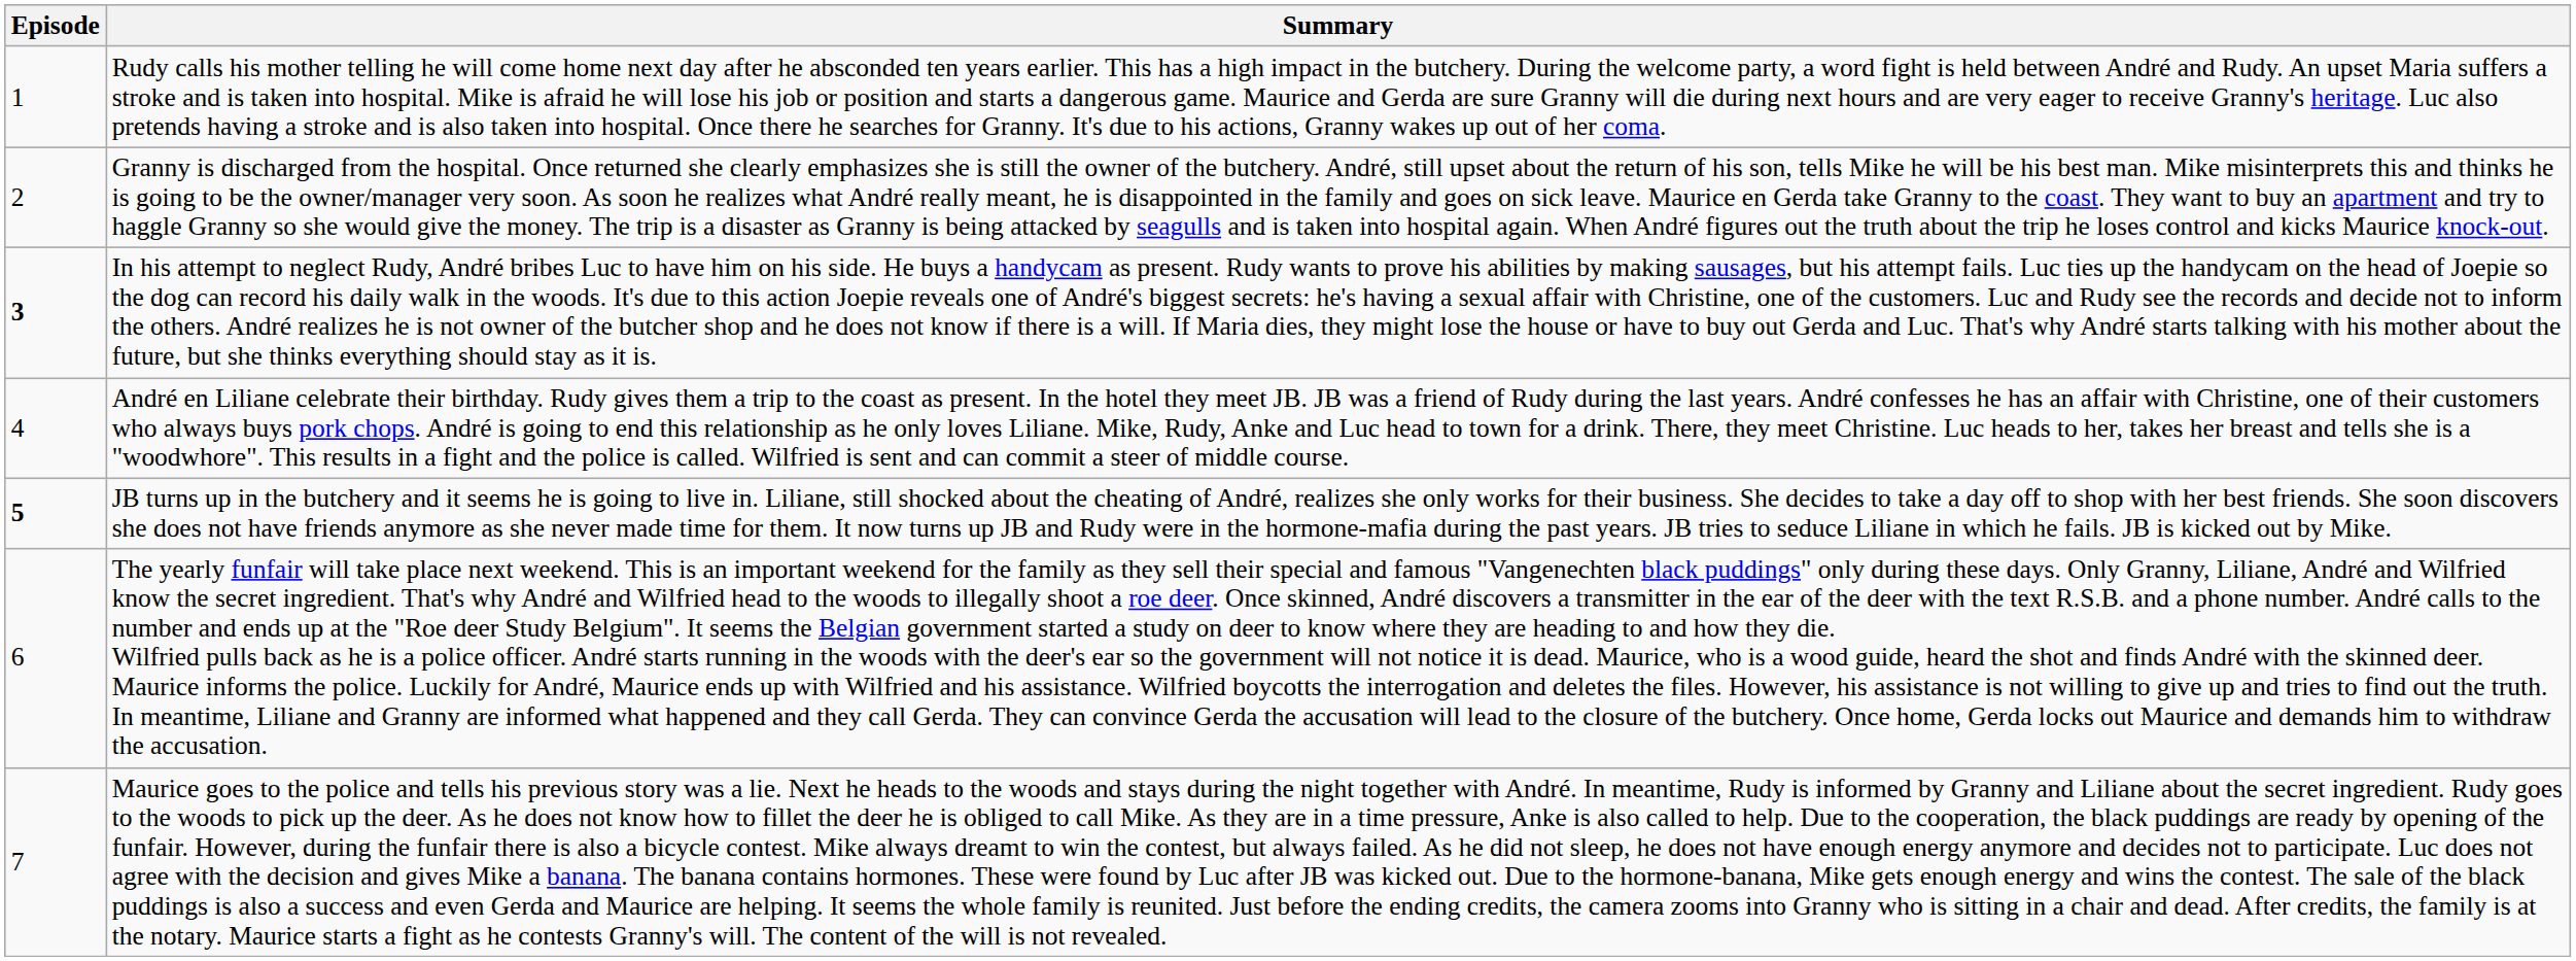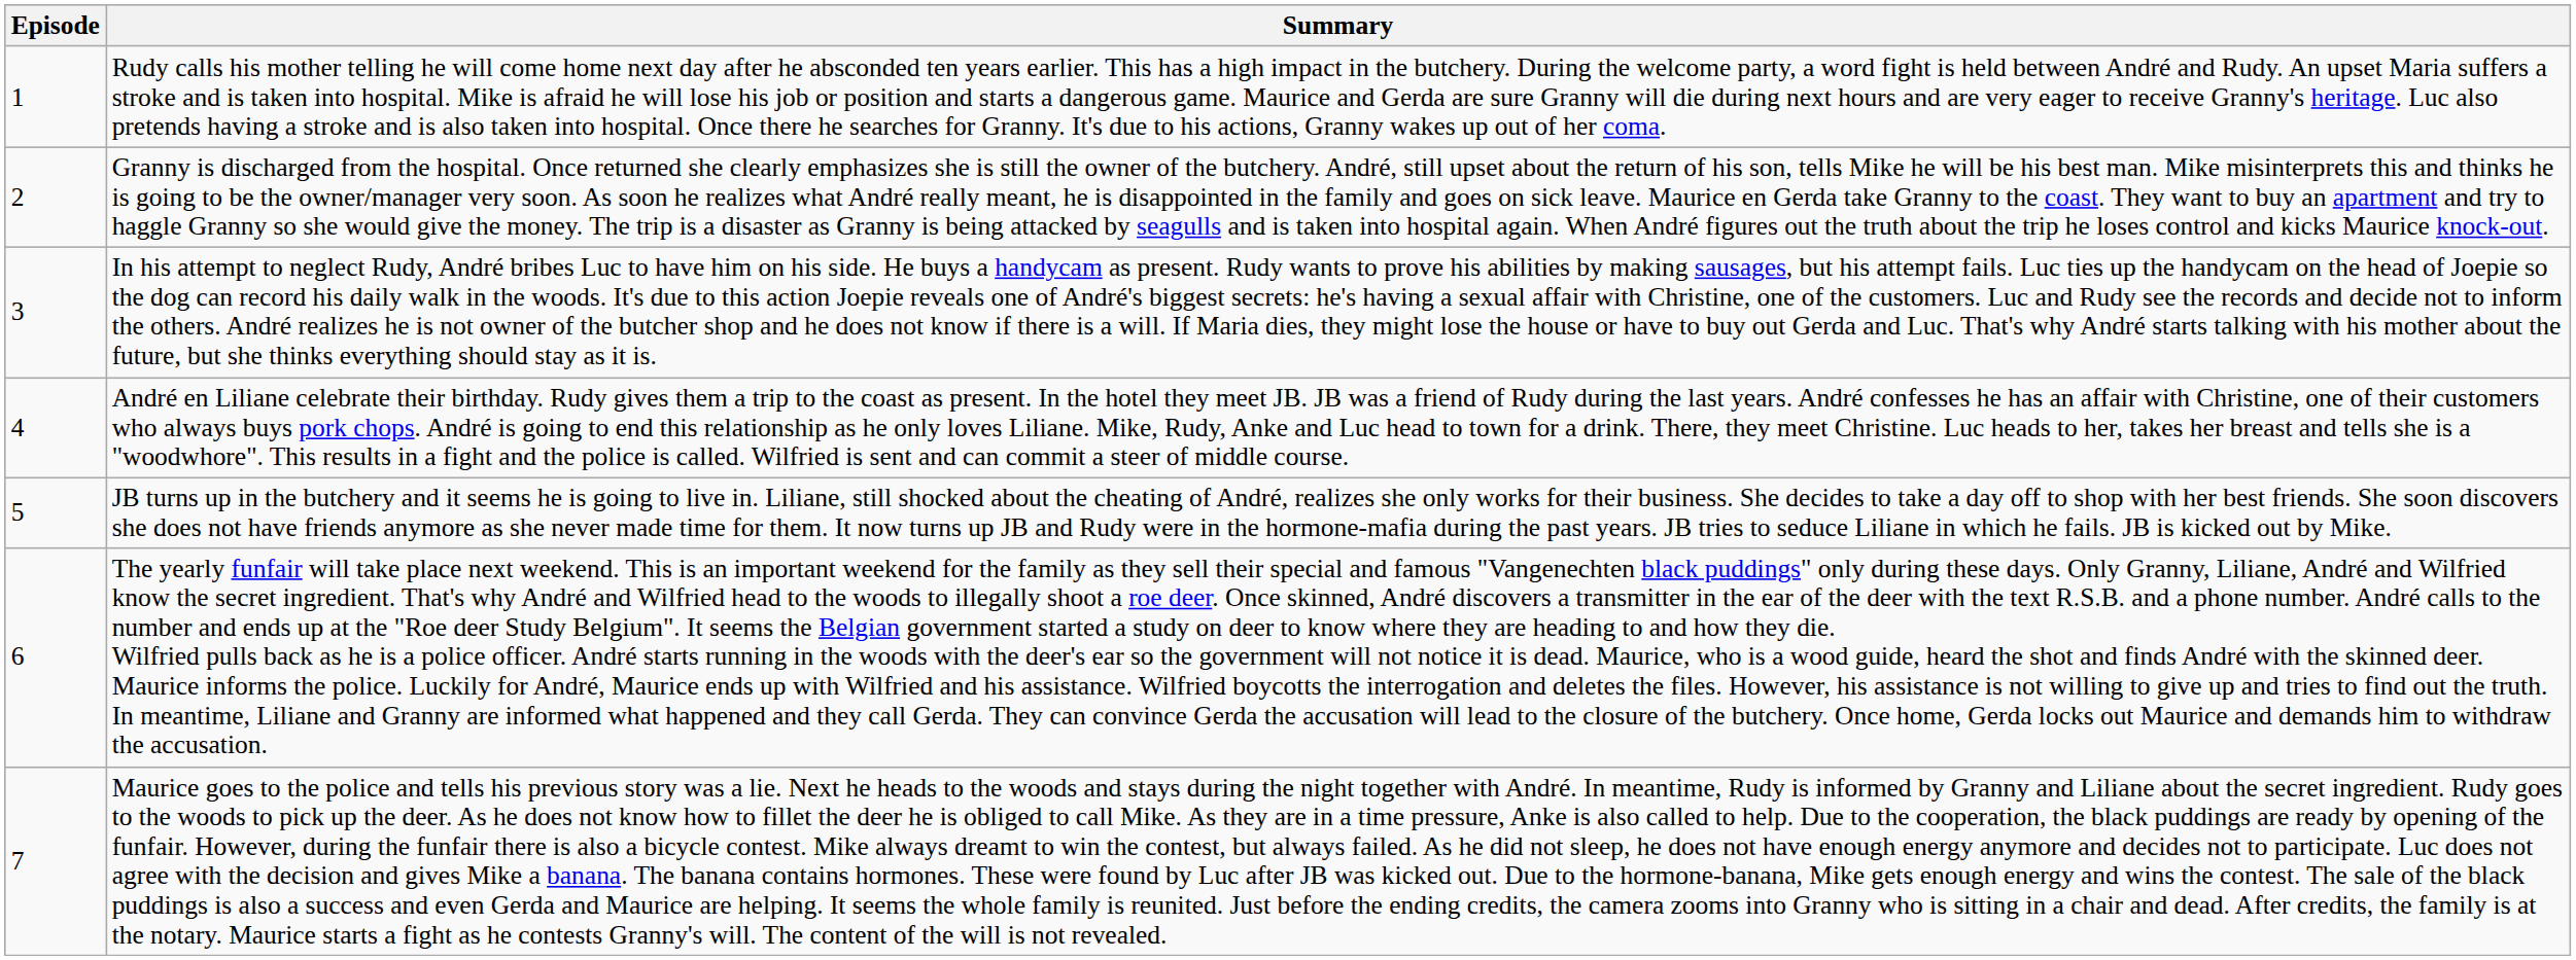 <table class="wikitable" style="text-align:left">
 <tr>
 <th>Episode</th>
 <th>Summary</th>
 </tr>
 <tr>
 <td>1</td>
 <td>Rudy calls his mother telling he will come home next day after he absconded ten years earlier. This has a high impact in the butchery. During the welcome party, a word fight is held between André and Rudy. An upset Maria suffers a stroke and is taken into hospital. Mike is afraid he will lose his job or position and starts a dangerous game. Maurice and Gerda are sure Granny will die during next hours and are very eager to receive Granny's <a href='#'>heritage</a>. Luc also pretends having a stroke and is also taken into hospital. Once there he searches for Granny. It's due to his actions, Granny wakes up out of her <a href='#'>coma</a>.</td>
 </tr>
 <tr>
 <td>2</td>
 <td>Granny is discharged from the hospital. Once returned she clearly emphasizes she is still the owner of the butchery. André, still upset about the return of his son, tells Mike he will be his best man. Mike misinterprets this and thinks he is going to be the owner/manager very soon. As soon he realizes what André really meant, he is disappointed in the family and goes on sick leave. Maurice en Gerda take Granny to the <a href='#'>coast</a>. They want to buy an <a href='#'>apartment</a> and try to haggle Granny so she would give the money. The trip is a disaster as Granny is being attacked by <a href='#'>seagulls</a> and is taken into hospital again. When André figures out the truth about the trip he loses control and kicks Maurice <a href='#'>knock-out</a>.</td>
 </tr>
 <tr>
-<td><strong>3</strong></td>
+<td>3</td>
 <td>In his attempt to neglect Rudy, André bribes Luc to have him on his side. He buys a <a href='#'>handycam</a> as present. Rudy wants to prove his abilities by making <a href='#'>sausages</a>, but his attempt fails. Luc ties up the handycam on the head of Joepie so the dog can record his daily walk in the woods. It's due to this action Joepie reveals one of André's biggest secrets: he's having a sexual affair with Christine, one of the customers. Luc and Rudy see the records and decide not to inform the others. André realizes he is not owner of the butcher shop and he does not know if there is a will. If Maria dies, they might lose the house or have to buy out Gerda and Luc. That's why André starts talking with his mother about the future, but she thinks everything should stay as it is.</td>
 </tr>
 <tr>
 <td>4</td>
 <td>André en Liliane celebrate their birthday. Rudy gives them a trip to the coast as present. In the hotel they meet JB.  JB was a friend of Rudy during the last years. André confesses he has an affair with Christine, one of their customers who always buys <a href='#'>pork chops</a>. André is going to end this relationship as he only loves Liliane. Mike, Rudy, Anke and Luc head to town for a drink. There, they meet Christine. Luc heads to her, takes her breast and tells she is a "woodwhore". This results in a fight and the police is called. Wilfried is sent and can commit a steer of middle course.</td>
 </tr>
 <tr>
-<td><strong>5</strong></td>
+<td>5</td>
 <td>JB turns up in the butchery and it seems he is going to live in. Liliane, still shocked about the cheating of André, realizes she only works for their business. She decides to take a day off to shop with her best friends. She soon discovers she does not have friends anymore as she never made time for them. It now turns up JB and Rudy were in the hormone-mafia during the past years. JB tries to seduce Liliane in which he fails. JB is kicked out by Mike.</td>
 </tr>
 <tr>
 <td>6</td>
 <td>The yearly <a href='#'>funfair</a> will take place next weekend. This is an important weekend for the family as they sell their special and famous "Vangenechten <a href='#'>black puddings</a>" only during these days. Only Granny, Liliane, André and Wilfried know the secret ingredient. That's why André and Wilfried head to the woods to illegally shoot a <a href='#'>roe deer</a>. Once skinned, André discovers a transmitter in the ear of the deer with the text R.S.B. and a phone number. André calls to the number and ends up at the "Roe deer Study Belgium". It seems the <a href='#'>Belgian</a> government started a study on deer to know where they are heading to and how they die.<br>Wilfried pulls back as he is a police officer. André starts running in the woods with the deer's ear so the government will not notice it is dead. Maurice, who is a wood guide, heard the shot and finds André with the skinned deer. Maurice informs the police. Luckily for André, Maurice ends up with Wilfried and his assistance. Wilfried boycotts the interrogation and deletes the files. However, his assistance is not willing to give up and tries to find out the truth.<br>In meantime, Liliane and Granny are informed what happened and they call Gerda. They can convince Gerda the accusation will lead to the closure of the butchery. Once home, Gerda locks out Maurice and demands him to withdraw the accusation.</td>
 </tr>
 <tr>
 <td>7</td>
 <td>Maurice goes to the police and tells his previous story was a lie. Next he heads to the woods and stays during the night together with André. In meantime, Rudy is informed by Granny and Liliane about the secret ingredient. Rudy goes to the woods to pick up the deer. As he does not know how to fillet the deer he is obliged to call Mike. As they are in a time pressure, Anke is also called to help. Due to the cooperation, the black puddings are ready by opening of the funfair. However, during the funfair there is also a bicycle contest. Mike always dreamt to win the contest, but always failed. As he did not sleep, he does not have enough energy anymore and decides not to participate. Luc does not agree with the decision and gives Mike a <a href='#'>banana</a>. The banana contains hormones. These were found by Luc after JB was kicked out. Due to the hormone-banana, Mike gets enough energy and wins the contest. The sale of the black puddings is also a success and even Gerda and Maurice are helping. It seems the whole family is reunited. Just before the ending credits, the camera zooms into Granny who is sitting in a chair and dead. After credits, the family is at the notary. Maurice starts a fight as he contests Granny's will. The content of the will is not revealed.</td>
 </tr>
 </table>
